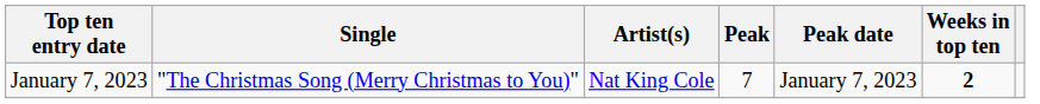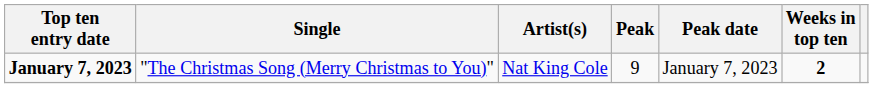 <table class="wikitable">
 <tr>
 <th>Top ten<br>entry date</th>
 <th>Single</th>
 <th>Artist(s)</th>
 <th data-sort-type="number">Peak</th>
 <th>Peak date</th>
 <th data-sort-type="number">Weeks in<br>top ten</th>
 <th></th>
 </tr>
 <tr>
-<td>January 7, 2023</td>
+<td><strong>January 7, 2023</strong></td>
 <td>"<a href='#'>The Christmas Song (Merry Christmas to You)</a>"</td>
 <td><a href='#'>Nat King Cole</a></td>
-<td style="text-align:center;">7</td>
+<td style="text-align:center;">9</td>
 <td>January 7, 2023</td>
 <td style="text-align:center;"><strong>2</strong></td>
 <td style="text-align:center;"></td>
 </tr>
 <tr>
 </tr>
 </table>
